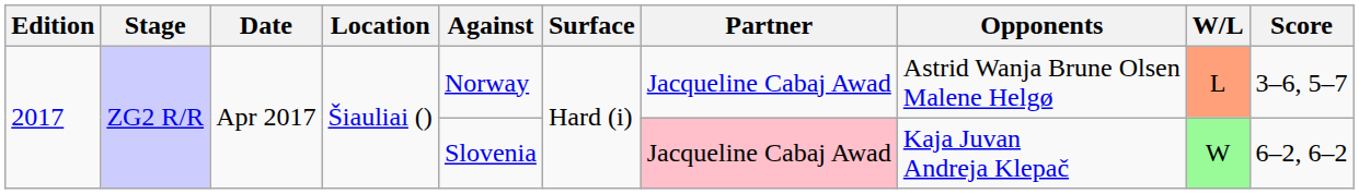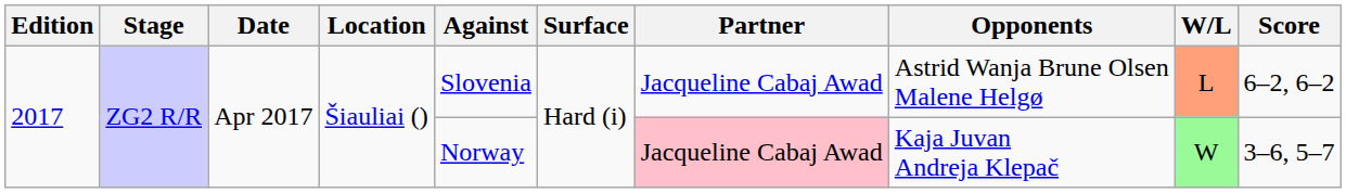 <table class=wikitable>
 <tr>
 <th>Edition</th>
 <th>Stage</th>
 <th>Date</th>
 <th>Location</th>
 <th>Against</th>
 <th>Surface</th>
 <th>Partner</th>
 <th>Opponents</th>
 <th>W/L</th>
 <th>Score</th>
 </tr>
 <tr>
 <td rowspan="2"><a href='#'>2017</a></td>
 <td style="background:#ccccff;" rowspan="2"><a href='#'>ZG2 R/R</a></td>
 <td rowspan="2">Apr 2017</td>
 <td rowspan="2"><a href='#'>Šiauliai</a> ()</td>
-<td> <a href='#'>Norway</a></td>
+<td> <a href='#'>Slovenia</a></td>
 <td rowspan="2">Hard (i)</td>
 <td><a href='#'>Jacqueline Cabaj Awad</a></td>
 <td>Astrid Wanja Brune Olsen<br><a href='#'>Malene Helgø</a></td>
 <td style="text-align:center; background:#ffa07a;">L</td>
-<td>3–6, 5–7</td>
+<td>6–2, 6–2</td>
 </tr>
 <tr>
-<td> <a href='#'>Slovenia</a></td>
+<td> <a href='#'>Norway</a></td>
 <td style="background: pink;">Jacqueline Cabaj Awad</td>
 <td><a href='#'>Kaja Juvan</a> <br> <a href='#'>Andreja Klepač</a></td>
 <td style="text-align:center; background:#98fb98;">W</td>
-<td>6–2, 6–2</td>
+<td>3–6, 5–7</td>
 </tr>
 </table>
